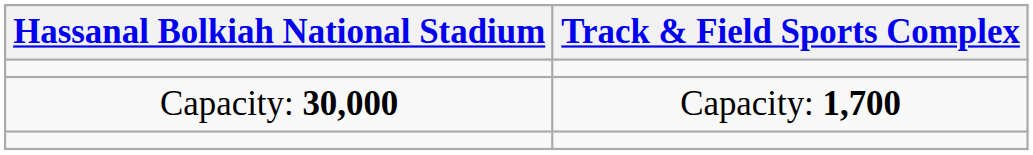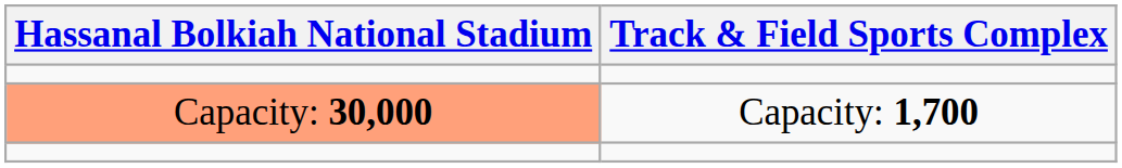 <table class="wikitable" style="text-align:center">
 <tr>
 <th><a href='#'>Hassanal Bolkiah National Stadium</a></th>
 <th><a href='#'>Track & Field Sports Complex</a></th>
 </tr>
 <tr>
 <td></td>
 <td></td>
 </tr>
 <tr>
-<td>Capacity: <strong>30,000</strong></td>
+<td style="background: lightsalmon;">Capacity: <strong>30,000</strong></td>
 <td>Capacity: <strong>1,700</strong></td>
 </tr>
 <tr>
 <td></td>
 <td></td>
 </tr>
 </table>
